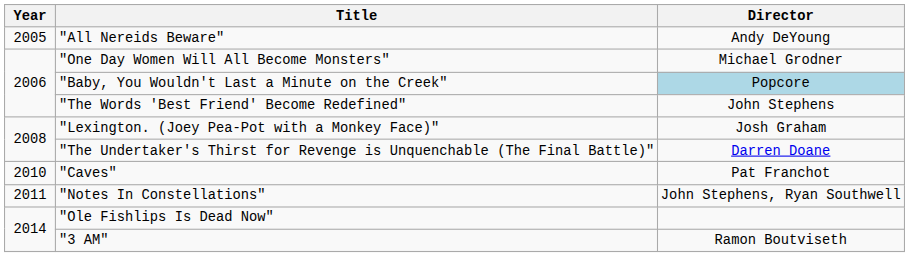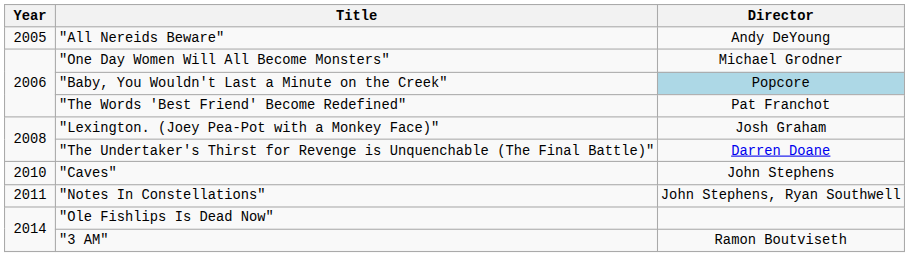 <table class="wikitable" style="text-align:center;">
 <tr>
 <th rowspan="1" width="42">Year</th>
 <th rowspan="1">Title</th>
 <th rowspan="1">Director</th>
 </tr>
 <tr>
 <td>2005</td>
 <td align="left">"All Nereids Beware"</td>
 <td>Andy DeYoung</td>
 </tr>
 <tr>
 <td rowspan="3">2006</td>
 <td align="left">"One Day Women Will All Become Monsters"</td>
 <td>Michael Grodner</td>
 </tr>
 <tr>
 <td align="left">"Baby, You Wouldn't Last a Minute on the Creek"</td>
 <td style="background: lightblue;">Popcore</td>
 </tr>
 <tr>
 <td align="left">"The Words 'Best Friend' Become Redefined"</td>
-<td>John Stephens</td>
+<td>Pat Franchot</td>
 </tr>
 <tr>
 <td rowspan="2">2008</td>
 <td align="left">"Lexington. (Joey Pea-Pot with a Monkey Face)"</td>
 <td>Josh Graham</td>
 </tr>
 <tr>
 <td align="left">"The Undertaker's Thirst for Revenge is Unquenchable (The Final Battle)"</td>
 <td><a href='#'>Darren Doane</a></td>
 </tr>
 <tr>
 <td>2010</td>
 <td align="left">"Caves"</td>
-<td>Pat Franchot</td>
+<td>John Stephens</td>
 </tr>
 <tr>
 <td>2011</td>
 <td align="left">"Notes In Constellations"</td>
 <td>John Stephens, Ryan Southwell</td>
 </tr>
 <tr>
 <td rowspan="2">2014</td>
 <td align="left">"Ole Fishlips Is Dead Now"</td>
 <td></td>
 </tr>
 <tr>
 <td align="left">"3 AM"</td>
 <td>Ramon Boutviseth</td>
 </tr>
 <tr>
 </tr>
 </table>
